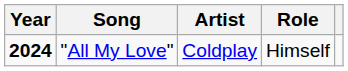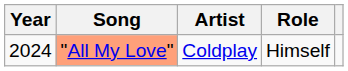 <table class="wikitable sortable">
 <tr>
 <th scope="col">Year</th>
 <th scope="col">Song</th>
 <th scope="col">Artist</th>
 <th scope="col">Role</th>
 <th scope="col" class="unsortable"></th>
 </tr>
 <tr>
-<td><strong>2024</strong></td>
-<td>"<a href='#'>All My Love</a>"</td>
+<td>2024</td>
+<td style="background: lightsalmon;">"<a href='#'>All My Love</a>"</td>
 <td><a href='#'>Coldplay</a></td>
 <td>Himself</td>
 <td></td>
 </tr>
 </table>
